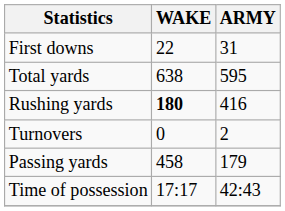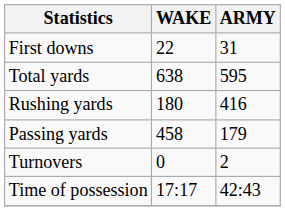 <table class="wikitable" style="float: left;">
 <tr>
 <th>Statistics</th>
 <th>WAKE</th>
 <th>ARMY</th>
 </tr>
 <tr>
 <td>First downs</td>
 <td>22</td>
 <td>31</td>
 </tr>
 <tr>
 <td>Total yards</td>
 <td>638</td>
 <td>595</td>
 </tr>
 <tr>
 <td>Rushing yards</td>
-<td><strong>180</strong></td>
+<td>180</td>
 <td>416</td>
+</tr>
+<tr>
+<td>Passing yards</td>
+<td>458</td>
+<td>179</td>
 </tr>
 <tr>
 <td>Turnovers</td>
 <td>0</td>
 <td>2</td>
-</tr>
-<tr>
-<td>Passing yards</td>
-<td>458</td>
-<td>179</td>
 </tr>
 <tr>
 <td>Time of possession</td>
 <td>17:17</td>
 <td>42:43</td>
 </tr>
 <tr>
 </tr>
 </table>
